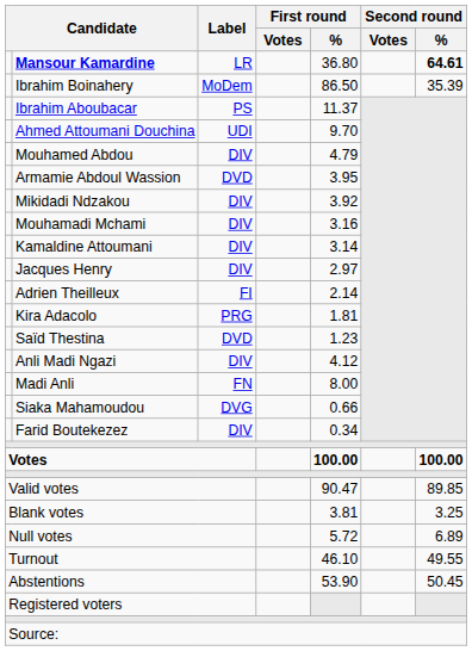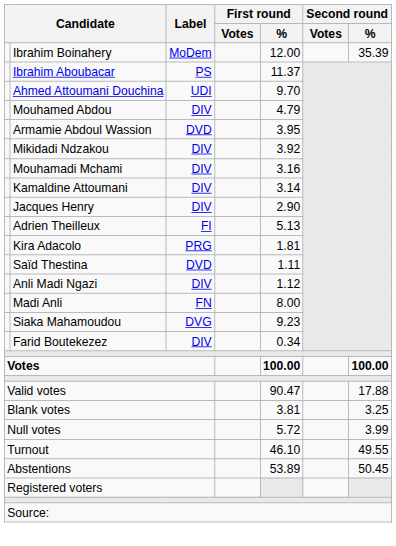 <table class="wikitable" style="text-align:right;font-size:95%;">
 <tr>
 <th rowspan="2" colspan="2">Candidate</th>
 <th rowspan="2">Label</th>
 <th colspan="2">First round</th>
 <th colspan="2">Second round</th>
 </tr>
 <tr>
 <th style="width:50px;">Votes</th>
 <th style="width:45px;">%</th>
 <th style="width:50px;">Votes</th>
 <th style="width:45px;">%</th>
 </tr>
 <tr>
 <td style="color:inherit;background:"></td>
-<td style="text-align:left;"><strong><a href='#'>Mansour Kamardine</a></strong></td>
-<td><a href='#'>LR</a></td>
-<td></td>
-<td>36.80</td>
-<td><strong></strong></td>
-<td><strong>64.61</strong></td>
-</tr>
-<tr>
-<td style="color:inherit;background:"></td>
 <td style="text-align:left;">Ibrahim Boinahery</td>
 <td><a href='#'>MoDem</a></td>
 <td></td>
-<td>86.50</td>
+<td>12.00</td>
 <td></td>
 <td>35.39</td>
 </tr>
 <tr>
 <td style="color:inherit;background:"></td>
 <td style="text-align:left;"><a href='#'>Ibrahim Aboubacar</a></td>
 <td><a href='#'>PS</a></td>
 <td></td>
 <td>11.37</td>
 <td colspan="2" rowspan="15" style="background:#E9E9E9;"></td>
 </tr>
 <tr>
 <td style="color:inherit;background:"></td>
 <td style="text-align:left;"><a href='#'>Ahmed Attoumani Douchina</a></td>
 <td><a href='#'>UDI</a></td>
 <td></td>
 <td>9.70</td>
 </tr>
 <tr>
 <td style="color:inherit;background:"></td>
 <td style="text-align:left;">Mouhamed Abdou</td>
 <td><a href='#'>DIV</a></td>
 <td></td>
 <td>4.79</td>
 </tr>
 <tr>
 <td style="color:inherit;background:"></td>
 <td style="text-align:left;">Armamie Abdoul Wassion</td>
 <td><a href='#'>DVD</a></td>
 <td></td>
 <td>3.95</td>
 </tr>
 <tr>
 <td style="color:inherit;background:"></td>
 <td style="text-align:left;">Mikidadi Ndzakou</td>
 <td><a href='#'>DIV</a></td>
 <td></td>
 <td>3.92</td>
 </tr>
 <tr>
 <td style="color:inherit;background:"></td>
 <td style="text-align:left;">Mouhamadi Mchami</td>
 <td><a href='#'>DIV</a></td>
 <td></td>
 <td>3.16</td>
 </tr>
 <tr>
 <td style="color:inherit;background:"></td>
 <td style="text-align:left;">Kamaldine Attoumani</td>
 <td><a href='#'>DIV</a></td>
 <td></td>
 <td>3.14</td>
 </tr>
 <tr>
 <td style="color:inherit;background:"></td>
 <td style="text-align:left;">Jacques Henry</td>
 <td><a href='#'>DIV</a></td>
 <td></td>
-<td>2.97</td>
+<td>2.90</td>
 </tr>
 <tr>
 <td style="color:inherit;background:"></td>
 <td style="text-align:left;">Adrien Theilleux</td>
 <td><a href='#'>FI</a></td>
 <td></td>
-<td>2.14</td>
+<td>5.13</td>
 </tr>
 <tr>
 <td style="color:inherit;background:"></td>
 <td style="text-align:left;">Kira Adacolo</td>
 <td><a href='#'>PRG</a></td>
 <td></td>
 <td>1.81</td>
 </tr>
 <tr>
 <td style="color:inherit;background:"></td>
 <td style="text-align:left;">Saïd Thestina</td>
 <td><a href='#'>DVD</a></td>
 <td></td>
-<td>1.23</td>
+<td>1.11</td>
 </tr>
 <tr>
 <td style="color:inherit;background:"></td>
 <td style="text-align:left;">Anli Madi Ngazi</td>
 <td><a href='#'>DIV</a></td>
 <td></td>
-<td>4.12</td>
+<td>1.12</td>
 </tr>
 <tr>
 <td style="color:inherit;background:"></td>
 <td style="text-align:left;">Madi Anli</td>
 <td><a href='#'>FN</a></td>
 <td></td>
 <td>8.00</td>
 </tr>
 <tr>
 <td style="color:inherit;background:"></td>
 <td style="text-align:left;">Siaka Mahamoudou</td>
 <td><a href='#'>DVG</a></td>
 <td></td>
-<td>0.66</td>
+<td>9.23</td>
 </tr>
 <tr>
 <td style="color:inherit;background:"></td>
 <td style="text-align:left;">Farid Boutekezez</td>
 <td><a href='#'>DIV</a></td>
 <td></td>
 <td>0.34</td>
 </tr>
 <tr>
 <td colspan="7" style="background:#E9E9E9;"></td>
 </tr>
 <tr style="font-weight:bold;">
 <td colspan="3" style="text-align:left;">Votes</td>
 <td></td>
 <td>100.00</td>
 <td></td>
 <td>100.00</td>
 </tr>
 <tr>
 <td colspan="7" style="background:#E9E9E9;"></td>
 </tr>
 <tr>
 <td colspan="3" style="text-align:left;">Valid votes</td>
 <td></td>
 <td>90.47</td>
 <td></td>
-<td>89.85</td>
+<td>17.88</td>
 </tr>
 <tr>
 <td colspan="3" style="text-align:left;">Blank votes</td>
 <td></td>
 <td>3.81</td>
 <td></td>
 <td>3.25</td>
 </tr>
 <tr>
 <td colspan="3" style="text-align:left;">Null votes</td>
 <td></td>
 <td>5.72</td>
 <td></td>
-<td>6.89</td>
+<td>3.99</td>
 </tr>
 <tr>
 <td colspan="3" style="text-align:left;">Turnout</td>
 <td></td>
 <td>46.10</td>
 <td></td>
 <td>49.55</td>
 </tr>
 <tr>
 <td colspan="3" style="text-align:left;">Abstentions</td>
 <td></td>
-<td>53.90</td>
+<td>53.89</td>
 <td></td>
 <td>50.45</td>
 </tr>
 <tr>
 <td colspan="3" style="text-align:left;">Registered voters</td>
 <td></td>
 <td style="background:#E9E9E9;"></td>
 <td></td>
 <td style="background:#E9E9E9;"></td>
 </tr>
 <tr>
 <td colspan="7" style="background:#E9E9E9;"></td>
 </tr>
 <tr>
 <td colspan="7" style="text-align:left;">Source: </td>
 </tr>
 </table>
